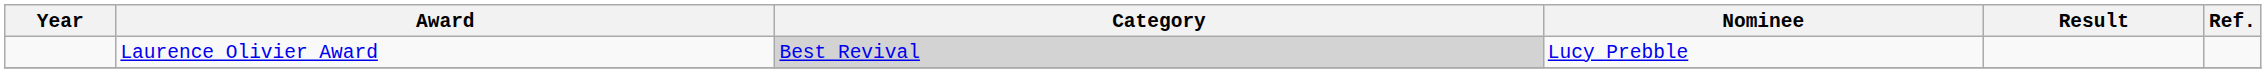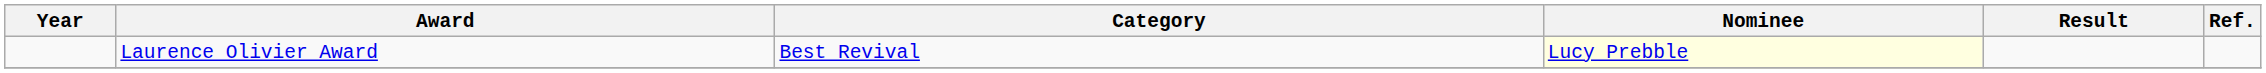 <table class="wikitable" width="95%">
 <tr>
 <th width="5%">Year</th>
 <th width="30%">Award</th>
 <th width="35%">Category</th>
 <th width="20%">Nominee</th>
 <th width="10%">Result</th>
 <th class=unsortable>Ref.</th>
 </tr>
 <tr>
 <td></td>
 <td><a href='#'>Laurence Olivier Award</a></td>
-<td style="background: lightgrey;"><a href='#'>Best Revival</a></td>
-<td><a href='#'>Lucy Prebble</a></td>
+<td><a href='#'>Best Revival</a></td>
+<td style="background: lightyellow;"><a href='#'>Lucy Prebble</a></td>
 <td></td>
 <td></td>
 </tr>
 <tr>
 </tr>
 </table>
